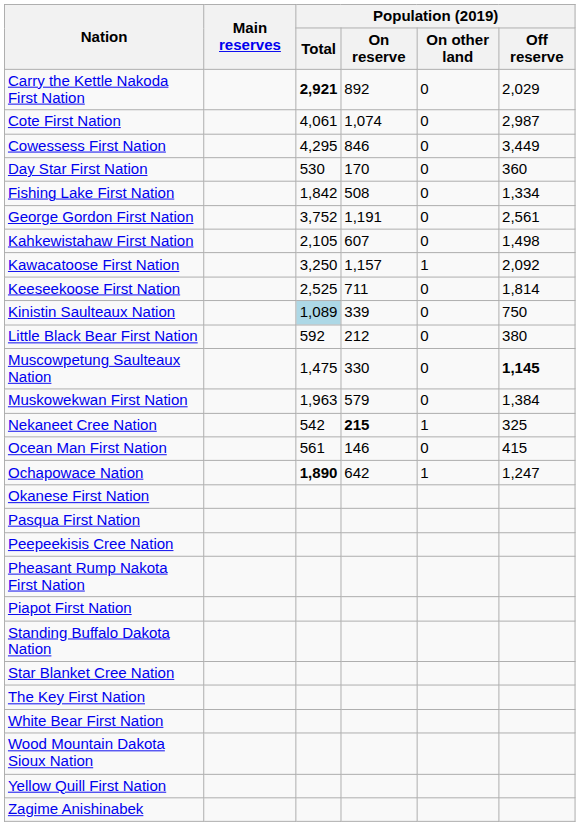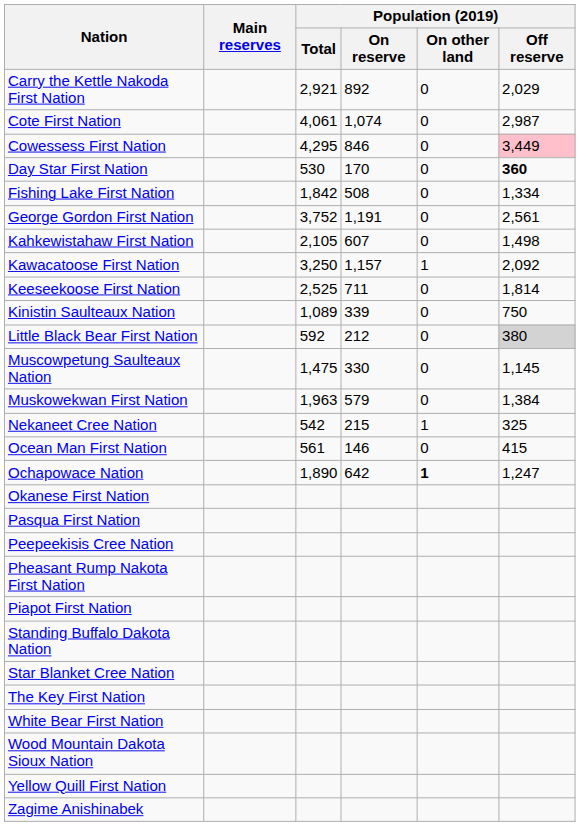 <table class="wikitable sortable">
 <tr>
 <th colspan="2" rowspan="2">Nation</th>
 <th rowspan="2" class=unsortable>Main <a href='#'>reserves</a></th>
 <th colspan="4">Population (2019)</th>
 </tr>
 <tr>
 <th>Total</th>
 <th>On reserve</th>
 <th>On other land</th>
 <th>Off reserve</th>
 </tr>
 <tr>
 <td colspan="2"><a href='#'>Carry the Kettle Nakoda First Nation</a></td>
 <td></td>
-<td><strong>2,921</strong></td>
+<td>2,921</td>
 <td>892</td>
 <td>0</td>
 <td>2,029</td>
 </tr>
 <tr>
 <td colspan="2"><a href='#'>Cote First Nation</a></td>
 <td></td>
 <td>4,061</td>
 <td>1,074</td>
 <td>0</td>
 <td>2,987</td>
 </tr>
 <tr>
 <td colspan="2"><a href='#'>Cowessess First Nation</a></td>
 <td></td>
 <td>4,295</td>
 <td>846</td>
 <td>0</td>
-<td>3,449</td>
+<td style="background: pink;">3,449</td>
 </tr>
 <tr>
 <td colspan="2"><a href='#'>Day Star First Nation</a></td>
 <td></td>
 <td>530</td>
 <td>170</td>
 <td>0</td>
-<td>360</td>
+<td><strong>360</strong></td>
 </tr>
 <tr>
 <td colspan="2"><a href='#'>Fishing Lake First Nation</a></td>
 <td></td>
 <td>1,842</td>
 <td>508</td>
 <td>0</td>
 <td>1,334</td>
 </tr>
 <tr>
 <td colspan="2"><a href='#'>George Gordon First Nation</a></td>
 <td></td>
 <td>3,752</td>
 <td>1,191</td>
 <td>0</td>
 <td>2,561</td>
 </tr>
 <tr>
 <td colspan="2"><a href='#'>Kahkewistahaw First Nation</a></td>
 <td></td>
 <td>2,105</td>
 <td>607</td>
 <td>0</td>
 <td>1,498</td>
 </tr>
 <tr>
 <td colspan="2"><a href='#'>Kawacatoose First Nation</a></td>
 <td></td>
 <td>3,250</td>
 <td>1,157</td>
 <td>1</td>
 <td>2,092</td>
 </tr>
 <tr>
 <td colspan="2"><a href='#'>Keeseekoose First Nation</a></td>
 <td></td>
 <td>2,525</td>
 <td>711</td>
 <td>0</td>
 <td>1,814</td>
 </tr>
 <tr>
 <td colspan="2"><a href='#'>Kinistin Saulteaux Nation</a></td>
 <td></td>
-<td style="background: lightblue;">1,089</td>
+<td>1,089</td>
 <td>339</td>
 <td>0</td>
 <td>750</td>
 </tr>
 <tr>
 <td colspan="2"><a href='#'>Little Black Bear First Nation</a></td>
 <td></td>
 <td>592</td>
 <td>212</td>
 <td>0</td>
-<td>380</td>
+<td style="background: lightgrey;">380</td>
 </tr>
 <tr>
 <td colspan="2"><a href='#'>Muscowpetung Saulteaux Nation</a></td>
 <td></td>
 <td>1,475</td>
 <td>330</td>
 <td>0</td>
-<td><strong>1,145</strong></td>
+<td>1,145</td>
 </tr>
 <tr>
 <td colspan="2"><a href='#'>Muskowekwan First Nation</a></td>
 <td></td>
 <td>1,963</td>
 <td>579</td>
 <td>0</td>
 <td>1,384</td>
 </tr>
 <tr>
 <td colspan="2"><a href='#'>Nekaneet Cree Nation</a></td>
 <td></td>
 <td>542</td>
-<td><strong>215</strong></td>
+<td>215</td>
 <td>1</td>
 <td>325</td>
 </tr>
 <tr>
 <td colspan="2"><a href='#'>Ocean Man First Nation</a></td>
 <td></td>
 <td>561</td>
 <td>146</td>
 <td>0</td>
 <td>415</td>
 </tr>
 <tr>
 <td colspan="2"><a href='#'>Ochapowace Nation</a></td>
 <td></td>
-<td><strong>1,890</strong></td>
+<td>1,890</td>
 <td>642</td>
-<td>1</td>
+<td><strong>1</strong></td>
 <td>1,247</td>
 </tr>
 <tr>
 <td colspan="2"><a href='#'>Okanese First Nation</a></td>
 <td></td>
 <td></td>
 <td></td>
 <td></td>
 <td></td>
 </tr>
 <tr>
 <td colspan="2"><a href='#'>Pasqua First Nation</a></td>
 <td></td>
 <td></td>
 <td></td>
 <td></td>
 <td></td>
 </tr>
 <tr>
 <td colspan="2"><a href='#'>Peepeekisis Cree Nation</a></td>
 <td></td>
 <td></td>
 <td></td>
 <td></td>
 <td></td>
 </tr>
 <tr>
 <td colspan="2"><a href='#'>Pheasant Rump Nakota First Nation</a></td>
 <td></td>
 <td></td>
 <td></td>
 <td></td>
 <td></td>
 </tr>
 <tr>
 <td colspan="2"><a href='#'>Piapot First Nation</a></td>
 <td></td>
 <td></td>
 <td></td>
 <td></td>
 <td></td>
 </tr>
 <tr>
 <td colspan="2"><a href='#'>Standing Buffalo Dakota Nation</a></td>
 <td></td>
 <td></td>
 <td></td>
 <td></td>
 <td></td>
 </tr>
 <tr>
 <td colspan="2"><a href='#'>Star Blanket Cree Nation</a></td>
 <td></td>
 <td></td>
 <td></td>
 <td></td>
 <td></td>
 </tr>
 <tr>
 <td colspan="2"><a href='#'>The Key First Nation</a></td>
 <td></td>
 <td></td>
 <td></td>
 <td></td>
 <td></td>
 </tr>
 <tr>
 <td colspan="2"><a href='#'>White Bear First Nation</a></td>
 <td></td>
 <td></td>
 <td></td>
 <td></td>
 <td></td>
 </tr>
 <tr>
 <td colspan="2"><a href='#'>Wood Mountain Dakota Sioux Nation</a></td>
 <td></td>
 <td></td>
 <td></td>
 <td></td>
 <td></td>
 </tr>
 <tr>
 <td colspan="2"><a href='#'>Yellow Quill First Nation</a></td>
 <td></td>
 <td></td>
 <td></td>
 <td></td>
 <td></td>
 </tr>
 <tr>
 <td colspan="2"><a href='#'>Zagime Anishinabek</a></td>
 <td></td>
 <td></td>
 <td></td>
 <td></td>
 <td></td>
 </tr>
 </table>
